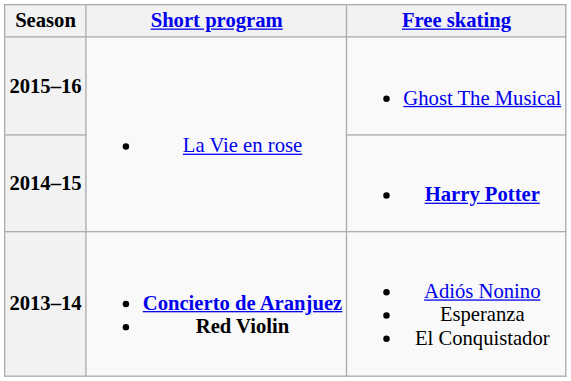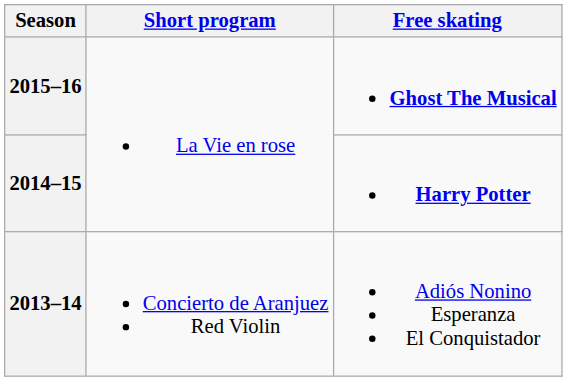 <table class=wikitable style=text-align:center>
 <tr>
 <th>Season</th>
 <th><a href='#'>Short program</a></th>
 <th><a href='#'>Free skating</a></th>
 </tr>
 <tr>
 <th>2015–16 <br> </th>
 <td rowspan=2><br><ul><li><a href='#'>La Vie en rose</a> <br></li></ul></td>
-<td><br><ul><li><a href='#'>Ghost The Musical</a> <br></li></ul></td>
+<td><strong><br><ul><li><a href='#'>Ghost The Musical</a> <br></li></ul></strong></td>
 </tr>
 <tr>
 <th>2014–15 <br> </th>
 <td><strong><br><ul><li><a href='#'>Harry Potter</a> <br></li></ul></strong></td>
 </tr>
 <tr>
 <th>2013–14 <br> </th>
-<td><strong><br><ul><li><a href='#'>Concierto de Aranjuez</a> <br></li><li>Red Violin <br></li></ul></strong></td>
+<td><br><ul><li><a href='#'>Concierto de Aranjuez</a> <br></li><li>Red Violin <br></li></ul></td>
 <td><br><ul><li><a href='#'>Adiós Nonino</a> <br></li><li>Esperanza <br></li><li>El Conquistador <br></li></ul></td>
 </tr>
 </table>
